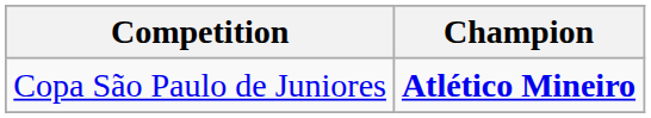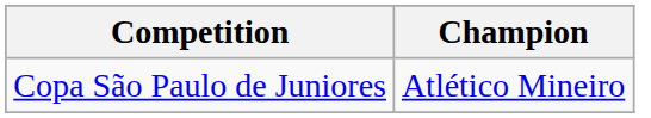 <table class="wikitable">
 <tr>
 <th>Competition</th>
 <th>Champion</th>
 </tr>
 <tr>
 <td><a href='#'>Copa São Paulo de Juniores</a></td>
-<td><strong><a href='#'>Atlético Mineiro</a></strong></td>
+<td><a href='#'>Atlético Mineiro</a></td>
 </tr>
 </table>
